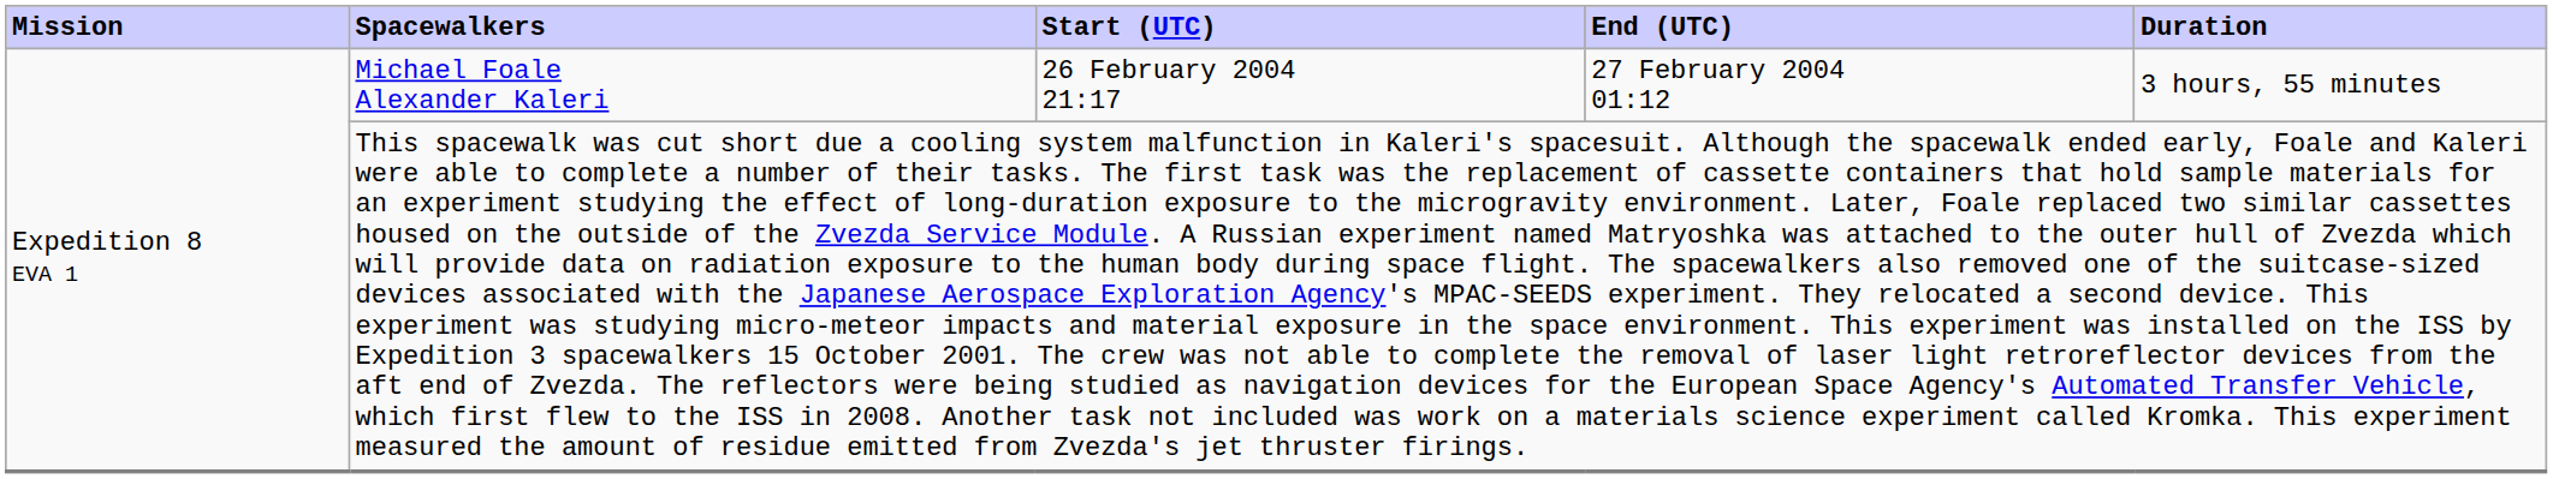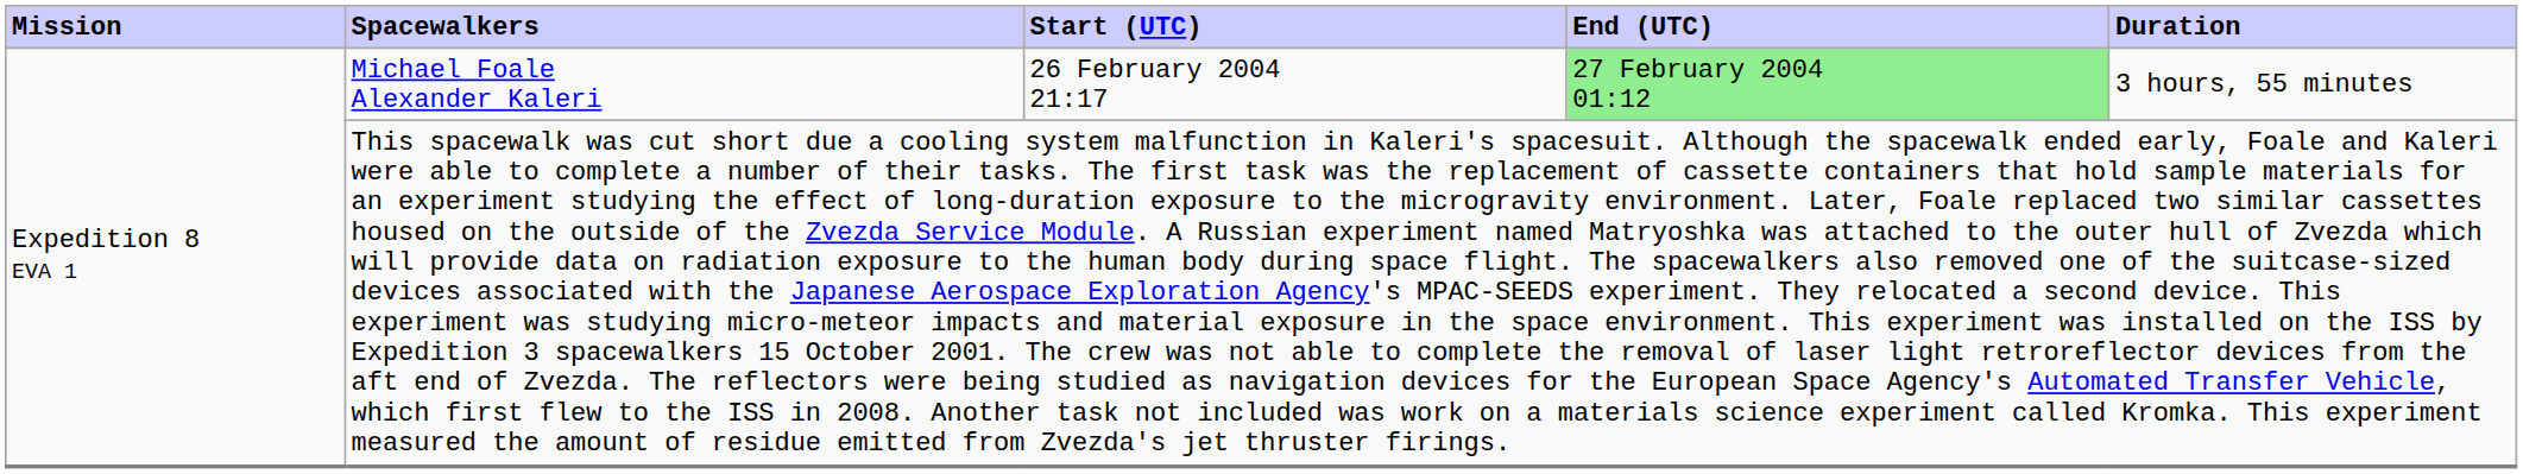 <table class="wikitable">
 <tr>
 <th width="10%" style="background:#ccccff;color:black;text-align:left"><strong>Mission</strong></th>
 <th width="20%" style="background:#ccccff;color:black;text-align:left"><strong>Spacewalkers</strong></th>
 <th width="16%" style="background:#ccccff;color:black;text-align:left"><strong>Start (<a href='#'>UTC</a>)</strong></th>
 <th width="16%" style="background:#ccccff;color:black;text-align:left"><strong>End (UTC)</strong></th>
 <th width="12%" style="background:#ccccff;color:black;text-align:left"><strong>Duration</strong></th>
 </tr>
 <tr>
 <td rowspan=2 style="border-bottom:2px solid grey;">Expedition 8<br><small>EVA 1</small><br></td>
 <td><a href='#'>Michael Foale</a> <br> <a href='#'>Alexander Kaleri</a></td>
 <td>26 February 2004 <br> 21:17</td>
-<td>27 February 2004 <br> 01:12</td>
+<td style="background: lightgreen;">27 February 2004 <br> 01:12</td>
 <td>3 hours, 55 minutes</td>
 </tr>
 <tr>
 <td colspan=4 style="border-bottom:2px solid grey;">This spacewalk was cut short due a cooling system malfunction in Kaleri's spacesuit. Although the spacewalk ended early, Foale and Kaleri were able to complete a number of their tasks. The first task was the replacement of cassette containers that hold sample materials for an experiment studying the effect of long-duration exposure to the microgravity environment. Later, Foale replaced two similar cassettes housed on the outside of the <a href='#'>Zvezda Service Module</a>. A Russian experiment named Matryoshka was attached to the outer hull of Zvezda which will provide data on radiation exposure to the human body during space flight. The spacewalkers also removed one of the suitcase-sized devices associated with the <a href='#'>Japanese Aerospace Exploration Agency</a>'s MPAC-SEEDS experiment. They relocated a second device. This experiment was studying micro-meteor impacts and material exposure in the space environment. This experiment was installed on the ISS by Expedition 3 spacewalkers 15 October 2001. The crew was not able to complete the removal of laser light retroreflector devices from the aft end of Zvezda. The reflectors were being studied as navigation devices for the European Space Agency's <a href='#'>Automated Transfer Vehicle</a>, which first flew to the ISS in 2008. Another task not included was work on a materials science experiment called Kromka. This experiment measured the amount of residue emitted from Zvezda's jet thruster firings.</td>
 </tr>
 </table>
